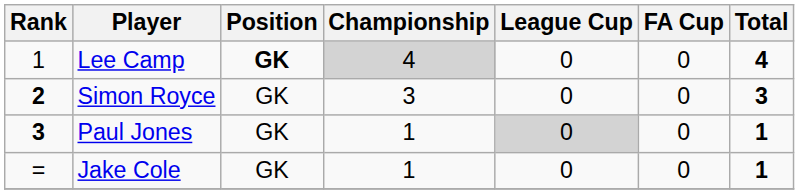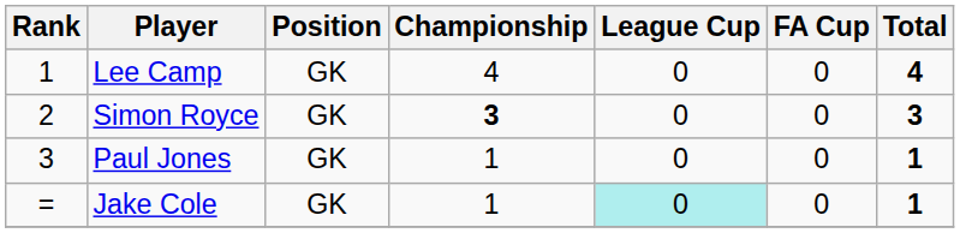 <table class="wikitable">
 <tr>
 <th>Rank</th>
 <th>Player</th>
 <th>Position</th>
 <th>Championship</th>
 <th>League Cup</th>
 <th>FA Cup</th>
 <th>Total</th>
 </tr>
 <tr>
 <td align=center>1</td>
 <td> <a href='#'>Lee Camp</a></td>
-<td align=center><strong>GK</strong></td>
-<td align=center style="background: lightgrey;">4</td>
+<td align=center>GK</td>
+<td align=center>4</td>
 <td align=center>0</td>
 <td align=center>0</td>
 <td align=center><strong>4</strong></td>
 </tr>
 <tr>
-<td align=center><strong>2</strong></td>
+<td align=center>2</td>
 <td> <a href='#'>Simon Royce</a></td>
 <td align=center>GK</td>
-<td align=center>3</td>
+<td align=center><strong>3</strong></td>
 <td align=center>0</td>
 <td align=center>0</td>
 <td align=center><strong>3</strong></td>
 </tr>
 <tr>
-<td align=center><strong>3</strong></td>
+<td align=center>3</td>
 <td> <a href='#'>Paul Jones</a></td>
 <td align=center>GK</td>
 <td align=center>1</td>
-<td align=center style="background: lightgrey;">0</td>
+<td align=center>0</td>
 <td align=center>0</td>
 <td align=center><strong>1</strong></td>
 </tr>
 <tr>
 <td align=center>=</td>
 <td> <a href='#'>Jake Cole</a></td>
 <td align=center>GK</td>
 <td align=center>1</td>
-<td align=center>0</td>
+<td align=center style="background: paleturquoise;">0</td>
 <td align=center>0</td>
 <td align=center><strong>1</strong></td>
 </tr>
 <tr>
 </tr>
 </table>
